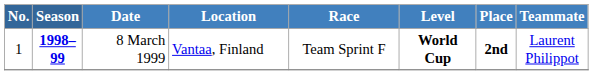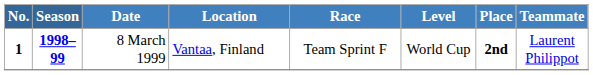 <table class="wikitable sortable" style="font-size:95%; text-align:center; border:grey solid 1px; border-collapse:collapse; background:#ffffff;">
 <tr style="background:#efefef;">
 <th style="background-color:#369; color:white;">No.</th>
 <th style="background-color:#369; color:white;">Season</th>
 <th style="background-color:#4180be; color:white; width:120px;">Date</th>
 <th style="background-color:#4180be; color:white; width:170px;">Location</th>
 <th style="background-color:#4180be; color:white; width:170px;">Race</th>
 <th style="background-color:#4180be; color:white; width:100px;">Level</th>
 <th style="background-color:#4180be; color:white;">Place</th>
 <th style="background-color:#4180be; color:white;">Teammate</th>
 </tr>
 <tr>
-<td align=center>1</td>
+<td align=center><strong>1</strong></td>
 <td rowspan=1 align=center><strong><a href='#'>1998–99</a></strong></td>
 <td align=right>8 March 1999</td>
 <td align=left> <a href='#'>Vantaa</a>, Finland</td>
 <td>Team Sprint F</td>
-<td><strong>World Cup</strong></td>
+<td>World Cup</td>
 <td><strong>2nd</strong></td>
 <td><a href='#'>Laurent Philippot</a></td>
 </tr>
 <tr>
 </tr>
 </table>
